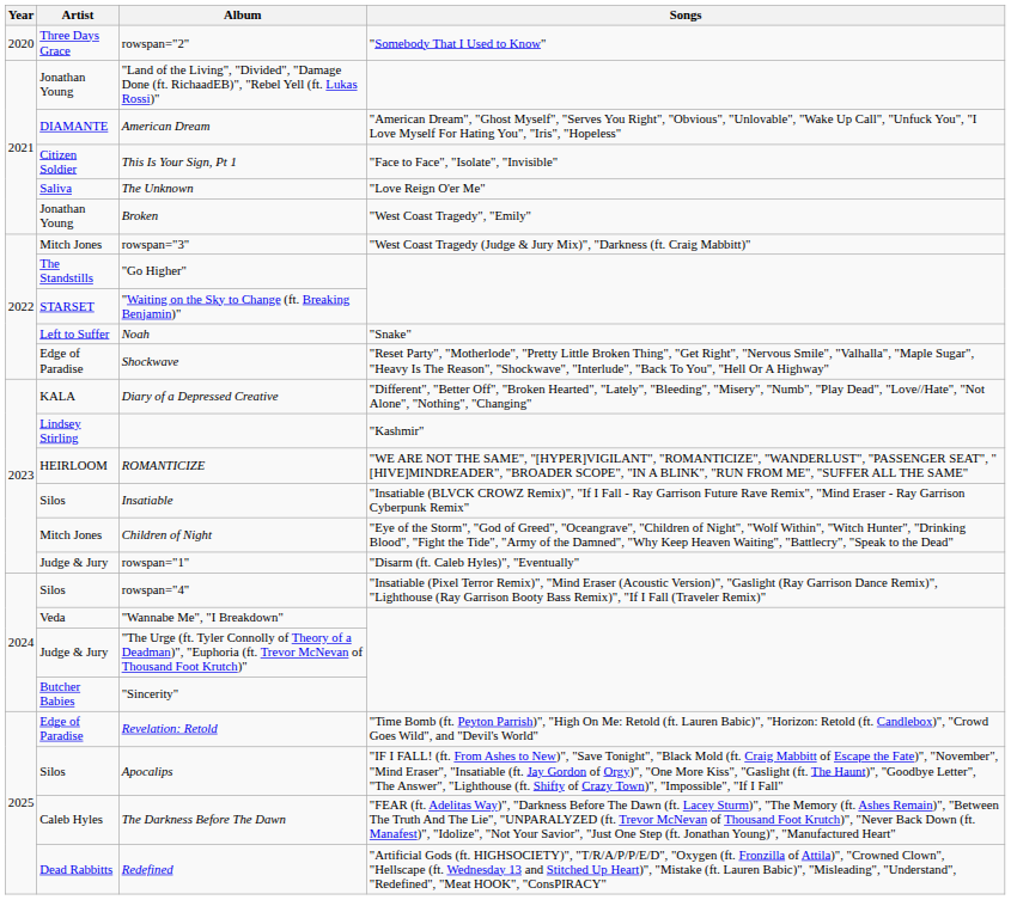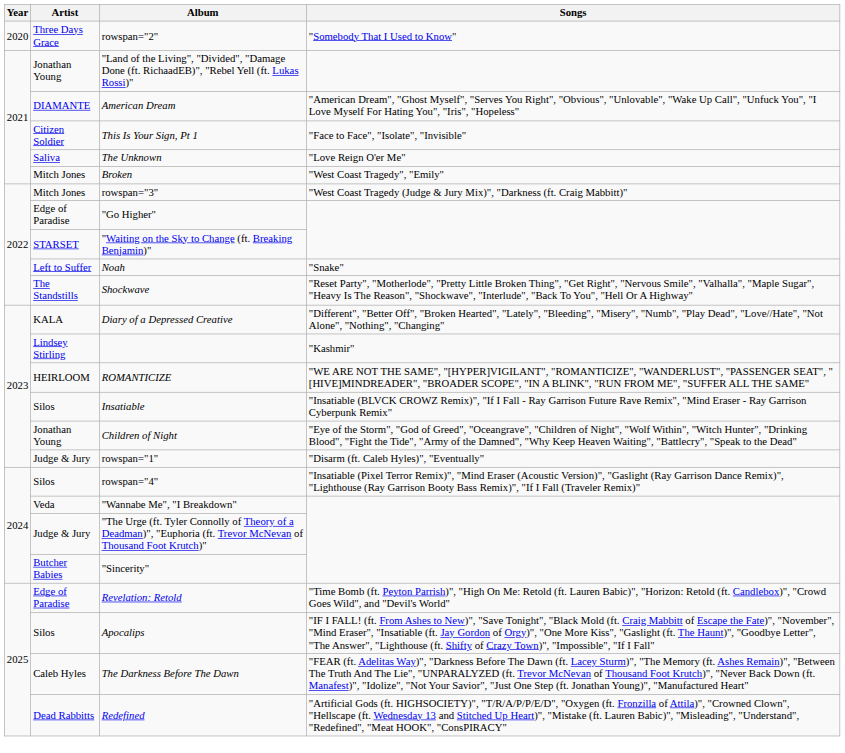 <table class="wikitable">
 <tr>
 <th>Year</th>
 <th>Artist</th>
 <th>Album</th>
 <th>Songs</th>
 </tr>
 <tr>
 <td rowspan="1">2020</td>
 <td><a href='#'>Three Days Grace</a></td>
 <td>rowspan="2" </td>
 <td>"<a href='#'>Somebody That I Used to Know</a>"</td>
 </tr>
 <tr>
 <td rowspan="5">2021</td>
 <td>Jonathan Young</td>
 <td>"Land of the Living", "Divided", "Damage Done (ft. RichaadEB)", "Rebel Yell (ft. <a href='#'>Lukas Rossi</a>)"</td>
 </tr>
 <tr>
 <td><a href='#'>DIAMANTE</a></td>
 <td><em>American Dream</em></td>
 <td>"American Dream", "Ghost Myself", "Serves You Right", "Obvious", "Unlovable", "Wake Up Call", "Unfuck You", "I Love Myself For Hating You", "Iris", "Hopeless"</td>
 </tr>
 <tr>
 <td><a href='#'>Citizen Soldier</a></td>
 <td><em>This Is Your Sign, Pt 1</em></td>
 <td>"Face to Face", "Isolate", "Invisible"</td>
 </tr>
 <tr>
 <td><a href='#'>Saliva</a></td>
 <td><em>The Unknown</em></td>
 <td>"Love Reign O'er Me"</td>
 </tr>
 <tr>
-<td>Jonathan Young</td>
+<td>Mitch Jones</td>
 <td><em>Broken</em></td>
 <td>"West Coast Tragedy", "Emily"</td>
 </tr>
 <tr>
 <td rowspan="5">2022</td>
 <td>Mitch Jones</td>
 <td>rowspan="3" </td>
 <td>"West Coast Tragedy (Judge & Jury Mix)", "Darkness (ft. Craig Mabbitt)"</td>
 </tr>
 <tr>
-<td><a href='#'>The Standstills</a></td>
+<td>Edge of Paradise</td>
 <td>"Go Higher"</td>
 </tr>
 <tr>
 <td><a href='#'>STARSET</a></td>
 <td>"<a href='#'>Waiting on the Sky to Change</a> (ft. <a href='#'>Breaking Benjamin</a>)"</td>
 </tr>
 <tr>
 <td><a href='#'>Left to Suffer</a></td>
 <td><em>Noah</em></td>
 <td>"Snake"</td>
 </tr>
 <tr>
-<td>Edge of Paradise</td>
+<td><a href='#'>The Standstills</a></td>
 <td><em>Shockwave</em></td>
 <td>"Reset Party", "Motherlode", "Pretty Little Broken Thing", "Get Right", "Nervous Smile", "Valhalla", "Maple Sugar", "Heavy Is The Reason", "Shockwave", "Interlude", "Back To You", "Hell Or A Highway"</td>
 </tr>
 <tr>
 <td rowspan="6">2023</td>
 <td>KALA</td>
 <td><em>Diary of a Depressed Creative</em></td>
 <td>"Different", "Better Off", "Broken Hearted", "Lately", "Bleeding", "Misery", "Numb", "Play Dead", "Love//Hate", "Not Alone", "Nothing", "Changing"</td>
 </tr>
 <tr>
 <td><a href='#'>Lindsey Stirling</a></td>
 <td></td>
 <td>"Kashmir"</td>
 </tr>
 <tr>
 <td>HEIRLOOM</td>
 <td><em>ROMANTICIZE</em></td>
 <td>"WE ARE NOT THE SAME", "[HYPER]VIGILANT", "ROMANTICIZE", "WANDERLUST", "PASSENGER SEAT", "[HIVE]MINDREADER", "BROADER SCOPE", "IN A BLINK", "RUN FROM ME", "SUFFER ALL THE SAME"</td>
 </tr>
 <tr>
 <td>Silos</td>
 <td><em>Insatiable</em></td>
 <td>"Insatiable (BLVCK CROWZ Remix)", "If I Fall - Ray Garrison Future Rave Remix", "Mind Eraser - Ray Garrison Cyberpunk Remix"</td>
 </tr>
 <tr>
-<td>Mitch Jones</td>
+<td>Jonathan Young</td>
 <td><em>Children of Night</em></td>
 <td>"Eye of the Storm", "God of Greed", "Oceangrave", "Children of Night", "Wolf Within", "Witch Hunter", "Drinking Blood", "Fight the Tide", "Army of the Damned", "Why Keep Heaven Waiting", "Battlecry", "Speak to the Dead"</td>
 </tr>
 <tr>
 <td>Judge & Jury</td>
 <td>rowspan="1" </td>
 <td>"Disarm (ft. Caleb Hyles)", "Eventually"</td>
 </tr>
 <tr>
 <td rowspan="4">2024</td>
 <td>Silos</td>
 <td>rowspan="4" </td>
 <td>"Insatiable (Pixel Terror Remix)", "Mind Eraser (Acoustic Version)", "Gaslight (Ray Garrison Dance Remix)", "Lighthouse (Ray Garrison Booty Bass Remix)", "If I Fall (Traveler Remix)"</td>
 </tr>
 <tr>
 <td>Veda</td>
 <td>"Wannabe Me", "I Breakdown"</td>
 </tr>
 <tr>
 <td>Judge & Jury</td>
 <td>"The Urge (ft. Tyler Connolly of <a href='#'>Theory of a Deadman</a>)", "Euphoria (ft. <a href='#'>Trevor McNevan</a> of <a href='#'>Thousand Foot Krutch</a>)"</td>
 </tr>
 <tr>
 <td><a href='#'>Butcher Babies</a></td>
 <td>"Sincerity"</td>
 </tr>
 <tr>
 <td rowspan="4">2025</td>
 <td><a href='#'>Edge of Paradise</a></td>
 <td><a href='#'><em>Revelation: Retold</em></a></td>
 <td>"Time Bomb (ft. <a href='#'>Peyton Parrish</a>)", "High On Me: Retold (ft. Lauren Babic)", "Horizon: Retold (ft. <a href='#'>Candlebox</a>)", "Crowd Goes Wild", and "Devil's World"</td>
 </tr>
 <tr>
 <td>Silos</td>
 <td><em>Apocalips</em></td>
 <td>"IF I FALL! (ft. <a href='#'>From Ashes to New</a>)", "Save Tonight", "Black Mold (ft. <a href='#'>Craig Mabbitt</a> of <a href='#'>Escape the Fate</a>)", "November", "Mind Eraser", "Insatiable (ft. <a href='#'>Jay Gordon</a> of <a href='#'>Orgy</a>)", "One More Kiss", "Gaslight (ft. <a href='#'>The Haunt</a>)", "Goodbye Letter", "The Answer", "Lighthouse (ft. <a href='#'>Shifty</a> of <a href='#'>Crazy Town</a>)", "Impossible", "If I Fall"</td>
 </tr>
 <tr>
 <td>Caleb Hyles</td>
 <td><em>The Darkness Before The Dawn</em></td>
 <td>"FEAR (ft. <a href='#'>Adelitas Way</a>)", "Darkness Before The Dawn (ft. <a href='#'>Lacey Sturm</a>)", "The Memory (ft. <a href='#'>Ashes Remain</a>)", "Between The Truth And The Lie", "UNPARALYZED (ft. <a href='#'>Trevor McNevan</a> of <a href='#'>Thousand Foot Krutch</a>)", "Never Back Down (ft. <a href='#'>Manafest</a>)", "Idolize", "Not Your Savior", "Just One Step (ft. Jonathan Young)", "Manufactured Heart"</td>
 </tr>
 <tr>
 <td><a href='#'>Dead Rabbitts</a></td>
 <td><a href='#'><em>Redefined</em></a></td>
 <td>"Artificial Gods (ft. HIGHSOCIETY)", "T/R/A/P/P/E/D", "Oxygen (ft. <a href='#'>Fronzilla</a> of <a href='#'>Attila</a>)", "Crowned Clown", "Hellscape (ft. <a href='#'>Wednesday 13</a> and <a href='#'>Stitched Up Heart</a>)", "Mistake (ft. Lauren Babic)", "Misleading", "Understand", "Redefined", "Meat HOOK", "ConsPIRACY"</td>
 </tr>
 </table>
